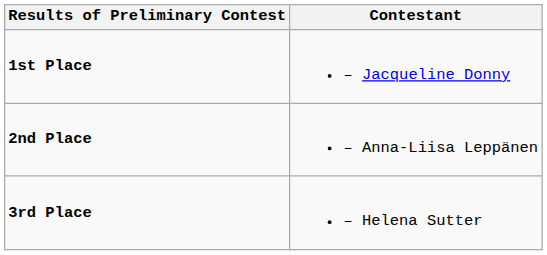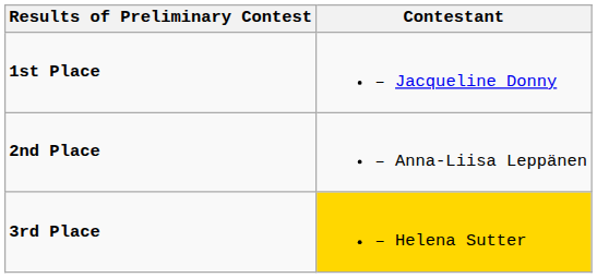 <table class="wikitable sortable" style="font-size: 95%;">
 <tr>
 <th>Results of Preliminary Contest</th>
 <th>Contestant</th>
 </tr>
 <tr>
 <td><strong>1st Place</strong></td>
 <td><br><ul><li><strong></strong> – <a href='#'>Jacqueline Donny</a></li></ul></td>
 </tr>
 <tr>
 <td><strong>2nd Place</strong></td>
 <td><br><ul><li><strong></strong> – Anna-Liisa Leppänen</li></ul></td>
 </tr>
 <tr>
 <td><strong>3rd Place</strong></td>
-<td><br><ul><li><strong></strong> – Helena Sutter</li></ul></td>
+<td style="background: gold;"><br><ul><li><strong></strong> – Helena Sutter</li></ul></td>
 </tr>
 </table>
